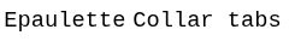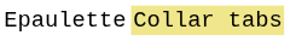 <table align="links">
 <tr>
 <td></td>
 <td></td>
 </tr>
 <tr>
 <td align="center">Epaulette</td>
-<td align="center">Collar tabs</td>
+<td align="center" style="background: khaki;">Collar tabs</td>
 </tr>
 <tr>
 </tr>
 </table>
